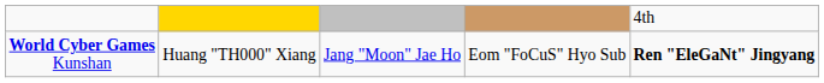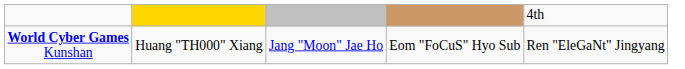 <table class="wikitable" style="text-align:left">
 <tr>
 <td style="text-align:center"></td>
 <td style="text-align:center; background:gold;"></td>
 <td style="text-align:center; background:silver;"></td>
 <td style="text-align:center; background:#c96;"></td>
 <td>4th</td>
 </tr>
 <tr>
 <td style="text-align:center"><strong><a href='#'>World Cyber Games</a></strong><br> <a href='#'>Kunshan</a></td>
 <td> Huang "TH000" Xiang</td>
 <td> <a href='#'>Jang "Moon" Jae Ho</a></td>
 <td> Eom "FoCuS" Hyo Sub</td>
-<td><strong> Ren "EleGaNt" Jingyang</strong></td>
+<td> Ren "EleGaNt" Jingyang</td>
 </tr>
 </table>
